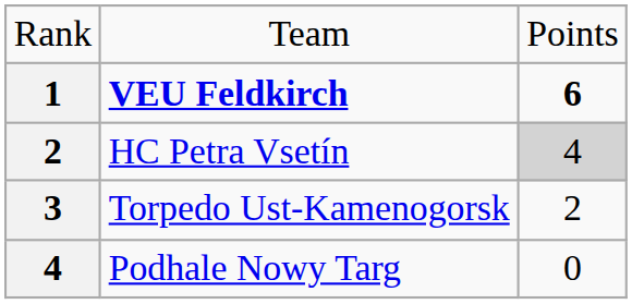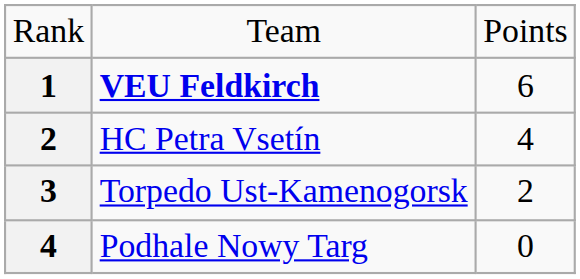 <table class="wikitable" style="text-align: center;">
 <tr>
 <td>Rank</td>
 <td>Team</td>
 <td>Points</td>
 </tr>
 <tr>
 <th>1</th>
 <td style="text-align: left;"> <strong><a href='#'>VEU Feldkirch</a></strong></td>
-<td><strong>6</strong></td>
+<td>6</td>
 </tr>
 <tr>
 <th>2</th>
 <td style="text-align: left;"> <a href='#'>HC Petra Vsetín</a></td>
-<td style="background: lightgrey;">4</td>
+<td>4</td>
 </tr>
 <tr>
 <th>3</th>
 <td style="text-align: left;"> <a href='#'>Torpedo Ust-Kamenogorsk</a></td>
 <td>2</td>
 </tr>
 <tr>
 <th>4</th>
 <td style="text-align: left;"> <a href='#'>Podhale Nowy Targ</a></td>
 <td>0</td>
 </tr>
 </table>
